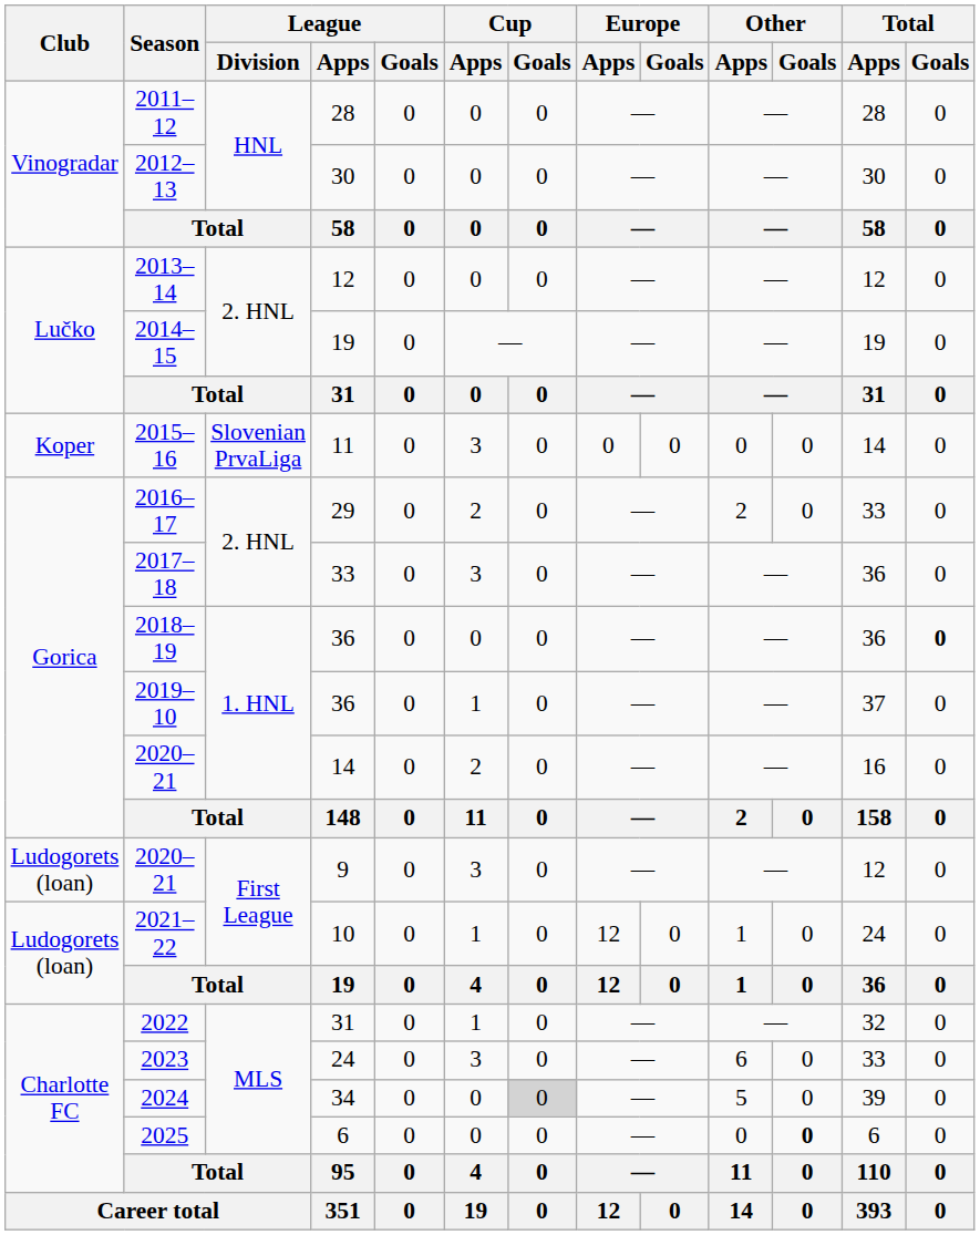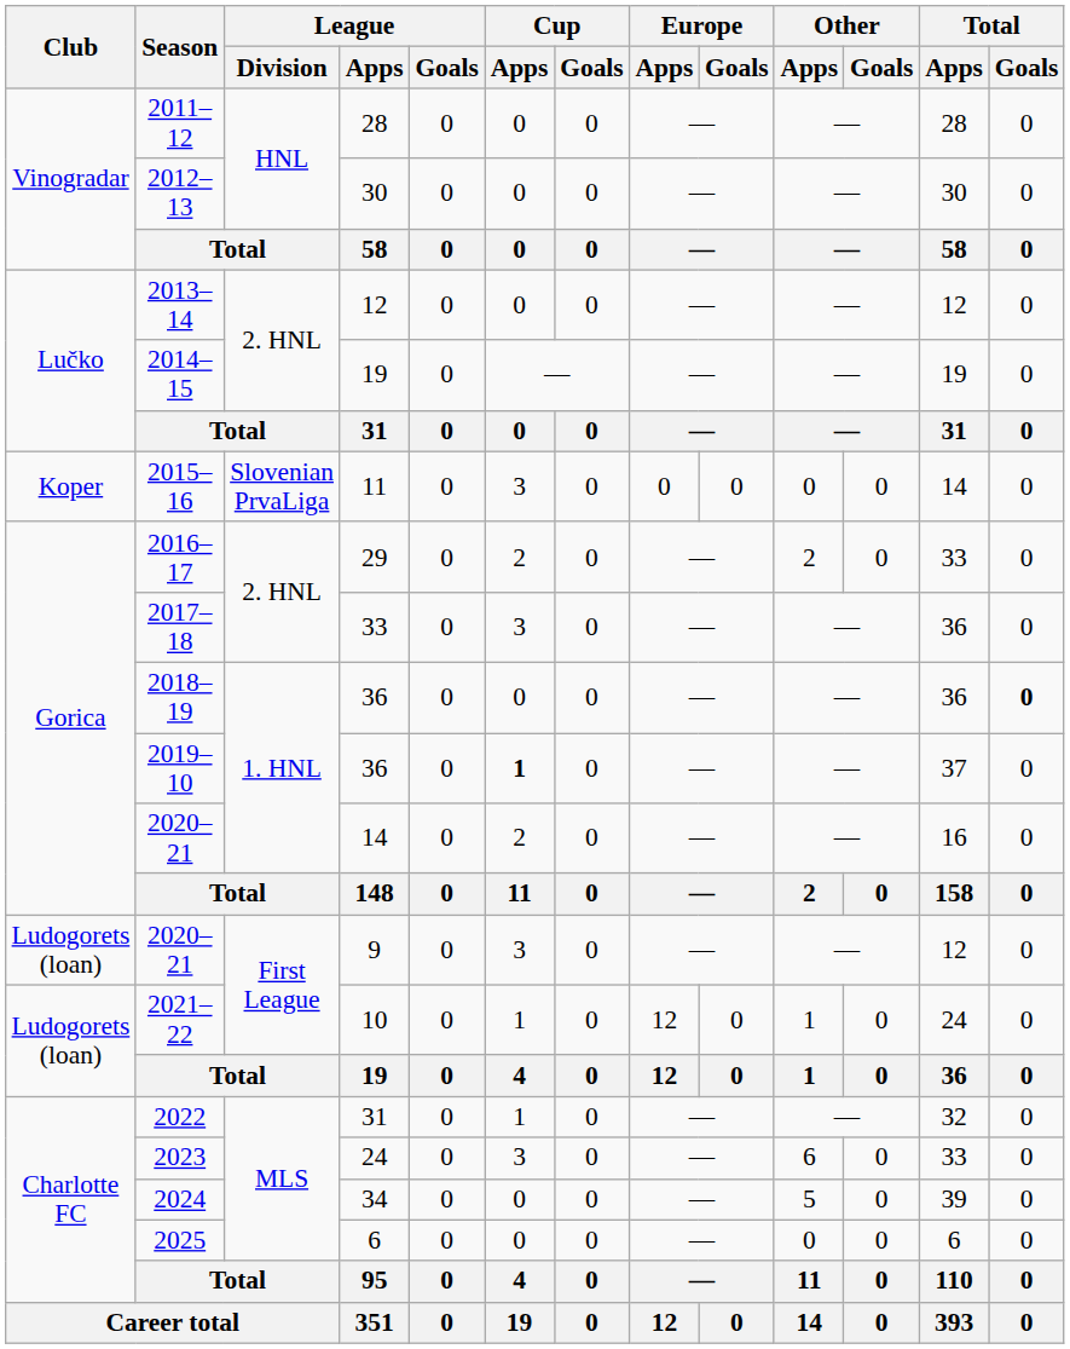 <table class="wikitable" style="text-align:center">
 <tr>
 <th rowspan="2">Club</th>
 <th rowspan="2">Season</th>
 <th colspan="3">League</th>
 <th colspan="2">Cup</th>
 <th colspan="2">Europe</th>
 <th colspan="2">Other</th>
 <th colspan="2">Total</th>
 </tr>
 <tr>
 <th>Division</th>
 <th>Apps</th>
 <th>Goals</th>
 <th>Apps</th>
 <th>Goals</th>
 <th>Apps</th>
 <th>Goals</th>
 <th>Apps</th>
 <th>Goals</th>
 <th>Apps</th>
 <th>Goals</th>
 </tr>
 <tr>
 <td rowspan="3"><a href='#'>Vinogradar</a></td>
 <td><a href='#'>2011–12</a></td>
 <td rowspan="2"><a href='#'>HNL</a></td>
 <td>28</td>
 <td>0</td>
 <td>0</td>
 <td>0</td>
 <td colspan="2">—</td>
 <td colspan="2">—</td>
 <td>28</td>
 <td>0</td>
 </tr>
 <tr>
 <td><a href='#'>2012–13</a></td>
 <td>30</td>
 <td>0</td>
 <td>0</td>
 <td>0</td>
 <td colspan="2">—</td>
 <td colspan="2">—</td>
 <td>30</td>
 <td>0</td>
 </tr>
 <tr>
 <th colspan="2">Total</th>
 <th>58</th>
 <th>0</th>
 <th>0</th>
 <th>0</th>
 <th colspan="2">—</th>
 <th colspan="2">—</th>
 <th>58</th>
 <th>0</th>
 </tr>
 <tr>
 <td rowspan="3"><a href='#'>Lučko</a></td>
 <td><a href='#'>2013–14</a></td>
 <td rowspan="2">2. HNL</td>
 <td>12</td>
 <td>0</td>
 <td>0</td>
 <td>0</td>
 <td colspan="2">—</td>
 <td colspan="2">—</td>
 <td>12</td>
 <td>0</td>
 </tr>
 <tr>
 <td><a href='#'>2014–15</a></td>
 <td>19</td>
 <td>0</td>
 <td colspan="2">—</td>
 <td colspan="2">—</td>
 <td colspan="2">—</td>
 <td>19</td>
 <td>0</td>
 </tr>
 <tr>
 <th colspan="2">Total</th>
 <th>31</th>
 <th>0</th>
 <th>0</th>
 <th>0</th>
 <th colspan="2">—</th>
 <th colspan="2">—</th>
 <th>31</th>
 <th>0</th>
 </tr>
 <tr>
 <td><a href='#'>Koper</a></td>
 <td><a href='#'>2015–16</a></td>
 <td><a href='#'>Slovenian PrvaLiga</a></td>
 <td>11</td>
 <td>0</td>
 <td>3</td>
 <td>0</td>
 <td>0</td>
 <td>0</td>
 <td>0</td>
 <td>0</td>
 <td>14</td>
 <td>0</td>
 </tr>
 <tr>
 <td rowspan="6"><a href='#'>Gorica</a></td>
 <td><a href='#'>2016–17</a></td>
 <td rowspan="2">2. HNL</td>
 <td>29</td>
 <td>0</td>
 <td>2</td>
 <td>0</td>
 <td colspan="2">—</td>
 <td>2</td>
 <td>0</td>
 <td>33</td>
 <td>0</td>
 </tr>
 <tr>
 <td><a href='#'>2017–18</a></td>
 <td>33</td>
 <td>0</td>
 <td>3</td>
 <td>0</td>
 <td colspan="2">—</td>
 <td colspan="2">—</td>
 <td>36</td>
 <td>0</td>
 </tr>
 <tr>
 <td><a href='#'>2018–19</a></td>
 <td rowspan="3"><a href='#'>1. HNL</a></td>
 <td>36</td>
 <td>0</td>
 <td>0</td>
 <td>0</td>
 <td colspan="2">—</td>
 <td colspan="2">—</td>
 <td>36</td>
 <td><strong>0</strong></td>
 </tr>
 <tr>
 <td><a href='#'>2019–10</a></td>
 <td>36</td>
 <td>0</td>
-<td>1</td>
+<td><strong>1</strong></td>
 <td>0</td>
 <td colspan="2">—</td>
 <td colspan="2">—</td>
 <td>37</td>
 <td>0</td>
 </tr>
 <tr>
 <td><a href='#'>2020–21</a></td>
 <td>14</td>
 <td>0</td>
 <td>2</td>
 <td>0</td>
 <td colspan="2">—</td>
 <td colspan="2">—</td>
 <td>16</td>
 <td>0</td>
 </tr>
 <tr>
 <th colspan="2">Total</th>
 <th>148</th>
 <th>0</th>
 <th>11</th>
 <th>0</th>
 <th colspan="2">—</th>
 <th>2</th>
 <th>0</th>
 <th>158</th>
 <th>0</th>
 </tr>
 <tr>
 <td><a href='#'>Ludogorets</a> (loan)</td>
 <td><a href='#'>2020–21</a></td>
 <td rowspan="2"><a href='#'>First League</a></td>
 <td>9</td>
 <td>0</td>
 <td>3</td>
 <td>0</td>
 <td colspan="2">—</td>
 <td colspan="2">—</td>
 <td>12</td>
 <td>0</td>
 </tr>
 <tr>
 <td rowspan="2"><a href='#'>Ludogorets</a> (loan)</td>
 <td><a href='#'>2021–22</a></td>
 <td>10</td>
 <td>0</td>
 <td>1</td>
 <td>0</td>
 <td>12</td>
 <td>0</td>
 <td>1</td>
 <td>0</td>
 <td>24</td>
 <td>0</td>
 </tr>
 <tr>
 <th colspan="2">Total</th>
 <th>19</th>
 <th>0</th>
 <th>4</th>
 <th>0</th>
 <th>12</th>
 <th>0</th>
 <th>1</th>
 <th>0</th>
 <th>36</th>
 <th>0</th>
 </tr>
 <tr>
 <td rowspan="5"><a href='#'>Charlotte FC</a></td>
 <td><a href='#'>2022</a></td>
 <td rowspan="4"><a href='#'>MLS</a></td>
 <td>31</td>
 <td>0</td>
 <td>1</td>
 <td>0</td>
 <td colspan="2">—</td>
 <td colspan="2">—</td>
 <td>32</td>
 <td>0</td>
 </tr>
 <tr>
 <td><a href='#'>2023</a></td>
 <td>24</td>
 <td>0</td>
 <td>3</td>
 <td>0</td>
 <td colspan="2">—</td>
 <td>6</td>
 <td>0</td>
 <td>33</td>
 <td>0</td>
 </tr>
 <tr>
 <td><a href='#'>2024</a></td>
 <td>34</td>
 <td>0</td>
 <td>0</td>
-<td style="background: lightgrey;">0</td>
+<td>0</td>
 <td colspan="2">—</td>
 <td>5</td>
 <td>0</td>
 <td>39</td>
 <td>0</td>
 </tr>
 <tr>
 <td><a href='#'>2025</a></td>
 <td>6</td>
 <td>0</td>
 <td>0</td>
 <td>0</td>
 <td colspan="2">—</td>
 <td>0</td>
-<td><strong>0</strong></td>
+<td>0</td>
 <td>6</td>
 <td>0</td>
 </tr>
 <tr>
 <th colspan="2">Total</th>
 <th>95</th>
 <th>0</th>
 <th>4</th>
 <th>0</th>
 <th colspan="2">—</th>
 <th>11</th>
 <th>0</th>
 <th>110</th>
 <th>0</th>
 </tr>
 <tr>
 <th colspan="3">Career total</th>
 <th>351</th>
 <th>0</th>
 <th>19</th>
 <th>0</th>
 <th>12</th>
 <th>0</th>
 <th>14</th>
 <th>0</th>
 <th>393</th>
 <th>0</th>
 </tr>
 </table>
